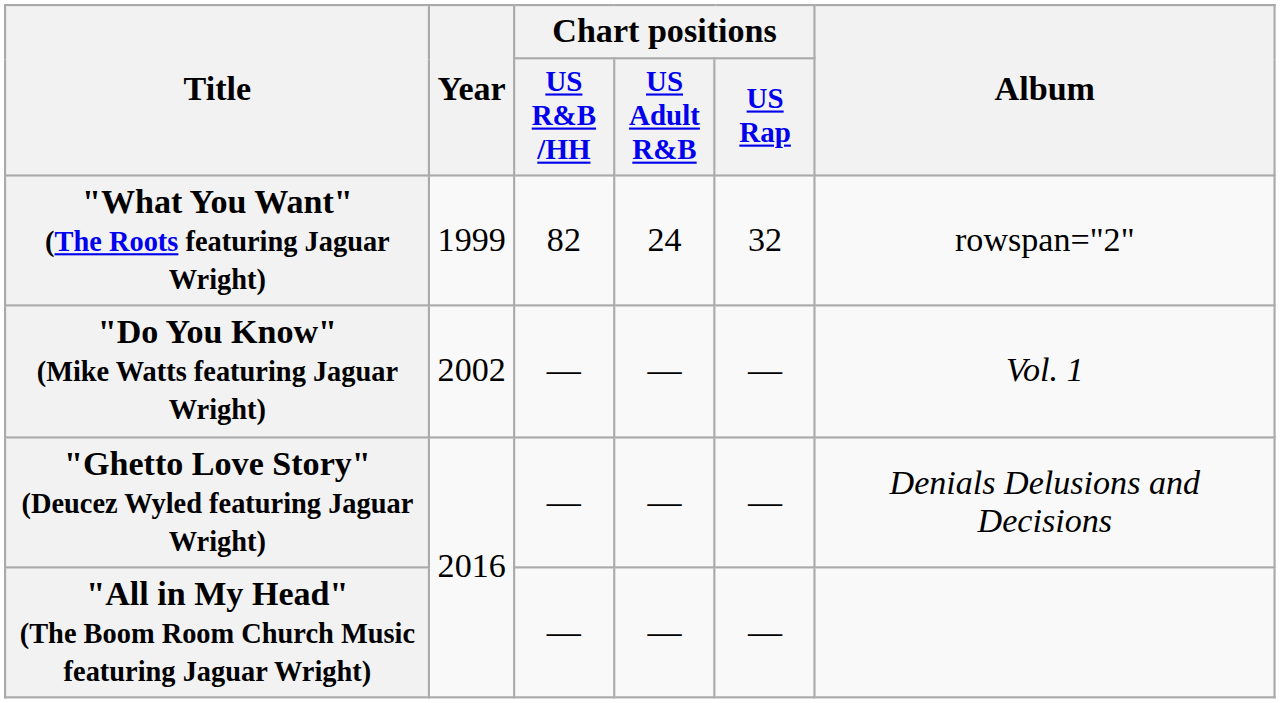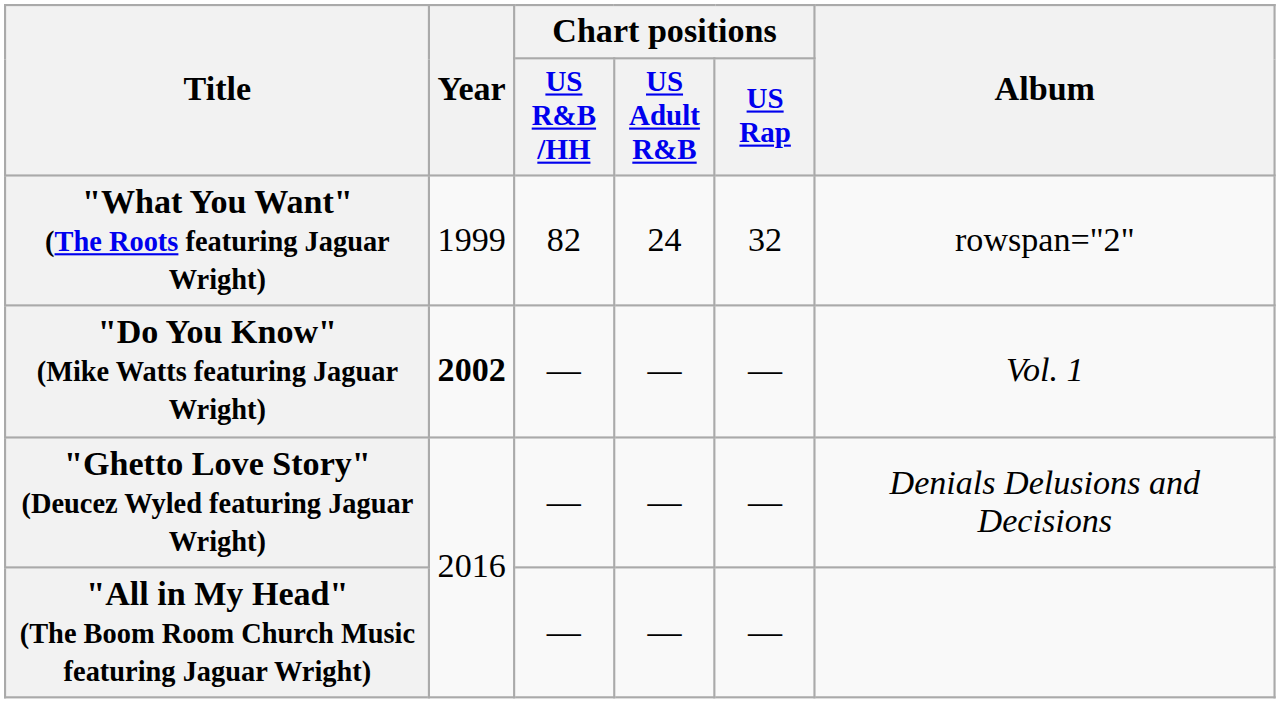 <table class="wikitable plainrowheaders" style="text-align:center;" border="1">
 <tr>
 <th scope="col" rowspan="2" style="width:12em;">Title</th>
 <th scope="col" rowspan="2" style="width:1em;">Year</th>
 <th scope="col" colspan="3">Chart positions</th>
 <th scope="col" rowspan="2" style="width:13em;">Album</th>
 </tr>
 <tr>
 <th scope="col" style="width:3em;font-size:85%;"><a href='#'>US<br>R&B<br>/HH</a><br></th>
 <th scope="col" style="width:3em;font-size:85%;"><a href='#'>US<br>Adult R&B</a><br></th>
 <th scope="col" style="width:3em;font-size:85%;"><a href='#'>US<br>Rap</a><br></th>
 </tr>
 <tr>
 <th scope="row">"What You Want"<br><small>(<a href='#'>The Roots</a> featuring Jaguar Wright)</small></th>
 <td>1999</td>
 <td>82</td>
 <td>24</td>
 <td>32</td>
 <td>rowspan="2" </td>
 </tr>
 <tr>
 <th scope="row">"Do You Know"<br><small>(Mike Watts featuring Jaguar Wright)</small></th>
-<td>2002</td>
+<td><strong>2002</strong></td>
 <td>—</td>
 <td>—</td>
 <td>—</td>
 <td><em>Vol. 1</em></td>
 </tr>
 <tr>
 <th scope="row">"Ghetto Love Story"<br><small>(Deucez Wyled featuring Jaguar Wright)</small></th>
 <td rowspan="2">2016</td>
 <td>—</td>
 <td>—</td>
 <td>—</td>
 <td><em>Denials Delusions and Decisions</em></td>
 </tr>
 <tr>
 <th scope="row">"All in My Head"<br><small>(The Boom Room Church Music featuring Jaguar Wright)</small></th>
 <td>—</td>
 <td>—</td>
 <td>—</td>
 </tr>
 </table>
